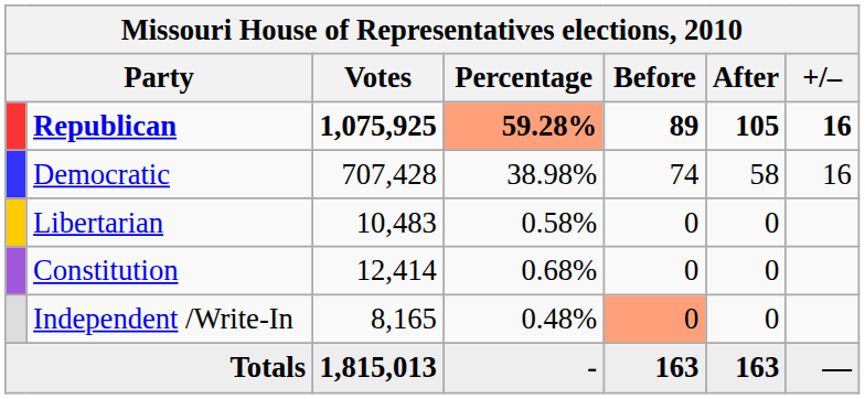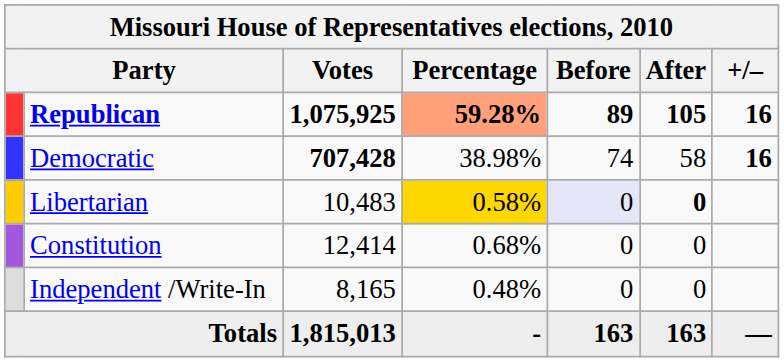 <table class="wikitable" style="font-size:95%;">
 <tr>
 <th colspan="9">Missouri House of Representatives elections, 2010</th>
 </tr>
 <tr>
 <th colspan=2 style="width: 10em">Party</th>
 <th style="width: 4em">Votes</th>
 <th style="width: 5em">Percentage</th>
 <th style="width: 3em">Before</th>
 <th style="width: 1em">After</th>
 <th style="width: 2em">+/–</th>
 </tr>
 <tr>
 <th style="background-color:#FF3333; width: 3px"></th>
 <td style="width: 130px"><strong><a href='#'>Republican</a></strong></td>
 <td align="right"><strong>1,075,925</strong></td>
 <td align="right" style="background: lightsalmon;"><strong>59.28%</strong></td>
 <td align="right"><strong>89</strong></td>
 <td align="right"><strong>105</strong></td>
 <td align="right"><strong>16</strong></td>
 </tr>
 <tr>
 <th style="background-color:#3333FF; width: 3px"></th>
 <td style="width: 130px"><a href='#'>Democratic</a></td>
-<td align="right">707,428</td>
+<td align="right"><strong>707,428</strong></td>
 <td align="right">38.98%</td>
 <td align="right">74</td>
 <td align="right">58</td>
-<td align="right">16</td>
+<td align="right"><strong>16</strong></td>
 </tr>
 <tr>
 <th style="background-color:#FFCC00; width: 3px"></th>
 <td style="width: 130px"><a href='#'>Libertarian</a></td>
 <td align="right">10,483</td>
-<td align="right">0.58%</td>
-<td align="right">0</td>
-<td align="right">0</td>
+<td align="right" style="background: gold;">0.58%</td>
+<td align="right" style="background: lavender;">0</td>
+<td align="right"><strong>0</strong></td>
 <td align="right"></td>
 </tr>
 <tr>
 <th style="background-color:#A356DE; width: 3px"></th>
 <td style="width: 130px"><a href='#'>Constitution</a></td>
 <td align="right">12,414</td>
 <td align="right">0.68%</td>
 <td align="right">0</td>
 <td align="right">0</td>
 <td align="right"></td>
 </tr>
 <tr>
 <th style="background-color:#DDDDDD; width: 3px"></th>
 <td style="width: 130px"><a href='#'>Independent</a> /Write-In</td>
 <td align="right">8,165</td>
 <td align="right">0.48%</td>
-<td align="right" style="background: lightsalmon;">0</td>
+<td align="right">0</td>
 <td align="right">0</td>
 <td align="right"></td>
 </tr>
 <tr bgcolor="#EEEEEE">
 <td colspan="2" align="right"><strong>Totals</strong></td>
 <td align="right"><strong>1,815,013</strong></td>
 <td align="right"><strong>-</strong></td>
 <td align="right"><strong>163</strong></td>
 <td align="right"><strong>163</strong></td>
 <td align="right"><strong>—</strong></td>
 </tr>
 </table>
